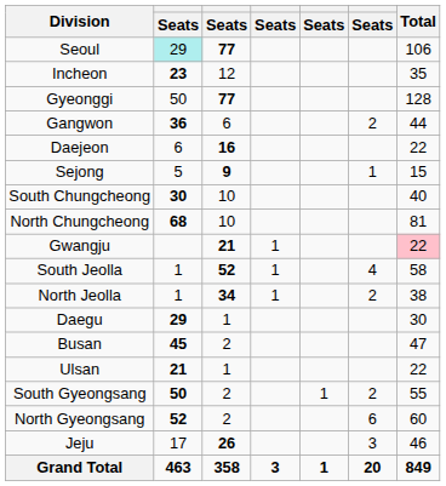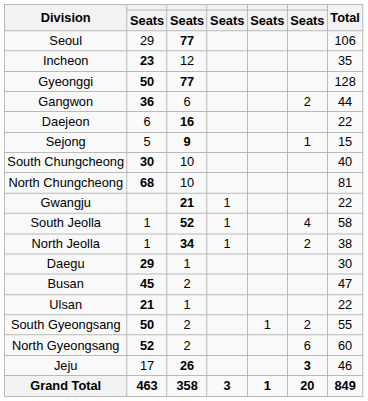 <table class="wikitable" style="text-align:center;">
 <tr>
 <th rowspan="2">Division</th>
 <th></th>
 <th></th>
 <th></th>
 <th></th>
 <th></th>
 <th rowspan="2">Total</th>
 </tr>
 <tr>
 <th>Seats</th>
 <th>Seats</th>
 <th>Seats</th>
 <th>Seats</th>
 <th>Seats</th>
 </tr>
 <tr>
 <td>Seoul</td>
-<td style="background: paleturquoise;">29</td>
+<td>29</td>
 <td><strong>77</strong></td>
 <td></td>
 <td></td>
 <td></td>
 <td>106</td>
 </tr>
 <tr>
 <td>Incheon</td>
 <td><strong>23</strong></td>
 <td>12</td>
 <td></td>
 <td></td>
 <td></td>
 <td>35</td>
 </tr>
 <tr>
 <td>Gyeonggi</td>
-<td>50</td>
+<td><strong>50</strong></td>
 <td><strong>77</strong></td>
 <td></td>
 <td></td>
 <td></td>
 <td>128</td>
 </tr>
 <tr>
 <td>Gangwon</td>
 <td><strong>36</strong></td>
 <td>6</td>
 <td></td>
 <td></td>
 <td>2</td>
 <td>44</td>
 </tr>
 <tr>
 <td>Daejeon</td>
 <td>6</td>
 <td><strong>16</strong></td>
 <td></td>
 <td></td>
 <td></td>
 <td>22</td>
 </tr>
 <tr>
 <td>Sejong</td>
 <td>5</td>
 <td><strong>9</strong></td>
 <td></td>
 <td></td>
 <td>1</td>
 <td>15</td>
 </tr>
 <tr>
 <td>South Chungcheong</td>
 <td><strong>30</strong></td>
 <td>10</td>
 <td></td>
 <td></td>
 <td></td>
 <td>40</td>
 </tr>
 <tr>
 <td>North Chungcheong</td>
 <td><strong>68</strong></td>
 <td>10</td>
 <td></td>
 <td></td>
 <td></td>
 <td>81</td>
 </tr>
 <tr>
 <td>Gwangju</td>
 <td></td>
 <td><strong>21</strong></td>
 <td>1</td>
 <td></td>
 <td></td>
-<td style="background: pink;">22</td>
+<td>22</td>
 </tr>
 <tr>
 <td>South Jeolla</td>
 <td>1</td>
 <td><strong>52</strong></td>
 <td>1</td>
 <td></td>
 <td>4</td>
 <td>58</td>
 </tr>
 <tr>
 <td>North Jeolla</td>
 <td>1</td>
 <td><strong>34</strong></td>
 <td>1</td>
 <td></td>
 <td>2</td>
 <td>38</td>
 </tr>
 <tr>
 <td>Daegu</td>
 <td><strong>29</strong></td>
 <td>1</td>
 <td></td>
 <td></td>
 <td></td>
 <td>30</td>
 </tr>
 <tr>
 <td>Busan</td>
 <td><strong>45</strong></td>
 <td>2</td>
 <td></td>
 <td></td>
 <td></td>
 <td>47</td>
 </tr>
 <tr>
 <td>Ulsan</td>
 <td><strong>21</strong></td>
 <td>1</td>
 <td></td>
 <td></td>
 <td></td>
 <td>22</td>
 </tr>
 <tr>
 <td>South Gyeongsang</td>
 <td><strong>50</strong></td>
 <td>2</td>
 <td></td>
 <td>1</td>
 <td>2</td>
 <td>55</td>
 </tr>
 <tr>
 <td>North Gyeongsang</td>
 <td><strong>52</strong></td>
 <td>2</td>
 <td></td>
 <td></td>
 <td>6</td>
 <td>60</td>
 </tr>
 <tr>
 <td>Jeju</td>
 <td>17</td>
 <td><strong>26</strong></td>
 <td></td>
 <td></td>
-<td>3</td>
+<td><strong>3</strong></td>
 <td>46</td>
 </tr>
 <tr class="sortbottom">
 <th>Grand Total</th>
 <td><strong>463</strong></td>
 <td><strong>358</strong></td>
 <td><strong>3</strong></td>
 <td><strong>1</strong></td>
 <td><strong>20</strong></td>
 <td><strong>849</strong></td>
 </tr>
 </table>
